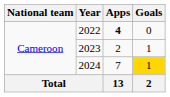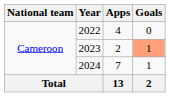 <table class="wikitable" style="text-align:center">
 <tr>
 <th>National team</th>
 <th>Year</th>
 <th>Apps</th>
 <th>Goals</th>
 </tr>
 <tr>
 <td rowspan="3"><a href='#'>Cameroon</a></td>
 <td>2022</td>
-<td><strong>4</strong></td>
+<td>4</td>
 <td>0</td>
 </tr>
 <tr>
 <td>2023</td>
 <td>2</td>
-<td>1</td>
+<td style="background: lightsalmon;">1</td>
 </tr>
 <tr>
 <td>2024</td>
 <td>7</td>
-<td style="background: gold;">1</td>
+<td>1</td>
 </tr>
 <tr>
 <th colspan="2">Total</th>
 <th>13</th>
 <th>2</th>
 </tr>
 </table>
